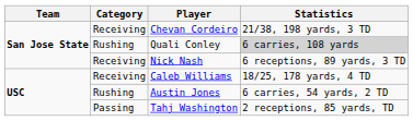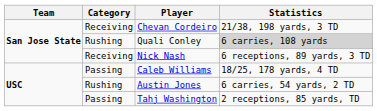 <table class="wikitable" style="float: right;">
 <tr>
 <th>Team</th>
 <th>Category</th>
 <th>Player</th>
 <th>Statistics</th>
 </tr>
 <tr>
 <td rowspan=3><strong>San Jose State</strong></td>
 <td>Receiving</td>
 <td><a href='#'>Chevan Cordeiro</a></td>
 <td>21/38, 198 yards, 3 TD</td>
 </tr>
 <tr>
 <td>Rushing</td>
 <td>Quali Conley</td>
 <td style="background: lightgrey;">6 carries, 108 yards</td>
 </tr>
 <tr>
 <td>Receiving</td>
 <td><a href='#'>Nick Nash</a></td>
 <td>6 receptions, 89 yards, 3 TD</td>
 </tr>
 <tr>
 <td rowspan=3><strong>USC</strong></td>
-<td>Receiving</td>
+<td>Passing</td>
 <td><a href='#'>Caleb Williams</a></td>
 <td>18/25, 178 yards, 4 TD</td>
 </tr>
 <tr>
 <td>Rushing</td>
 <td><a href='#'>Austin Jones</a></td>
 <td>6 carries, 54 yards, 2 TD</td>
 </tr>
 <tr>
 <td>Passing</td>
 <td><a href='#'>Tahj Washington</a></td>
 <td>2 receptions, 85 yards, TD</td>
 </tr>
 </table>
